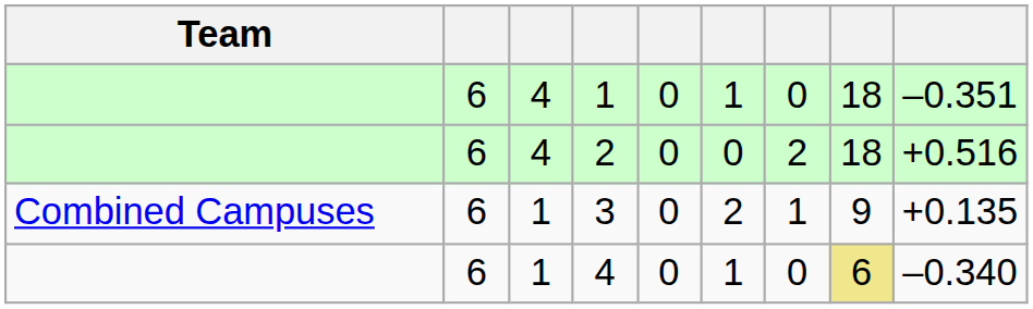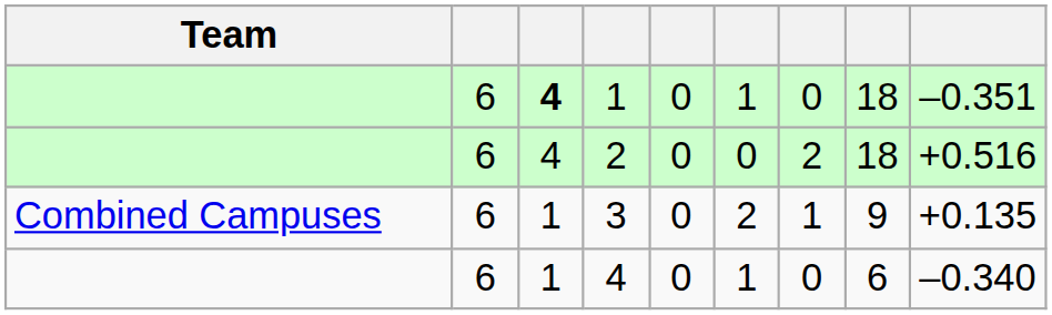 <table class="wikitable" style="text-align:center">
 <tr>
 <th width=180>Team</th>
 <th width=20></th>
 <th width=20></th>
 <th width=20></th>
 <th width=20></th>
 <th width=20></th>
 <th width=20></th>
 <th width=20></th>
 <th width=45></th>
 </tr>
 <tr style="background:#cfc">
 <td align="left"></td>
 <td>6</td>
-<td>4</td>
+<td><strong>4</strong></td>
 <td>1</td>
 <td>0</td>
 <td>1</td>
 <td>0</td>
 <td>18</td>
 <td>–0.351</td>
 </tr>
 <tr style="background:#cfc">
 <td align="left"></td>
 <td>6</td>
 <td>4</td>
 <td>2</td>
 <td>0</td>
 <td>0</td>
 <td>2</td>
 <td>18</td>
 <td>+0.516</td>
 </tr>
 <tr>
 <td align="left"> <a href='#'>Combined Campuses</a></td>
 <td>6</td>
 <td>1</td>
 <td>3</td>
 <td>0</td>
 <td>2</td>
 <td>1</td>
 <td>9</td>
 <td>+0.135</td>
 </tr>
 <tr>
 <td align="left"></td>
 <td>6</td>
 <td>1</td>
 <td>4</td>
 <td>0</td>
 <td>1</td>
 <td>0</td>
-<td style="background: khaki;">6</td>
+<td>6</td>
 <td>–0.340</td>
 </tr>
 </table>
